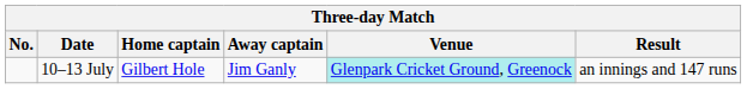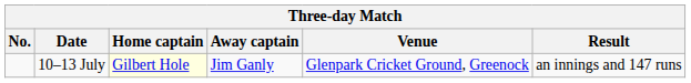 <table class="wikitable">
 <tr>
 <th colspan="9">Three-day Match</th>
 </tr>
 <tr>
 <th>No.</th>
 <th>Date</th>
 <th>Home captain</th>
 <th>Away captain</th>
 <th>Venue</th>
 <th>Result</th>
 </tr>
 <tr>
 <td></td>
 <td>10–13 July</td>
-<td><a href='#'>Gilbert Hole</a></td>
+<td style="background: lightyellow;"><a href='#'>Gilbert Hole</a></td>
 <td><a href='#'>Jim Ganly</a></td>
-<td style="background: paleturquoise;"><a href='#'>Glenpark Cricket Ground</a>, <a href='#'>Greenock</a></td>
+<td><a href='#'>Glenpark Cricket Ground</a>, <a href='#'>Greenock</a></td>
 <td> an innings and 147 runs</td>
 </tr>
 </table>
